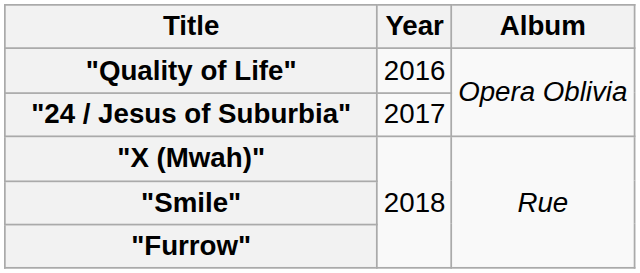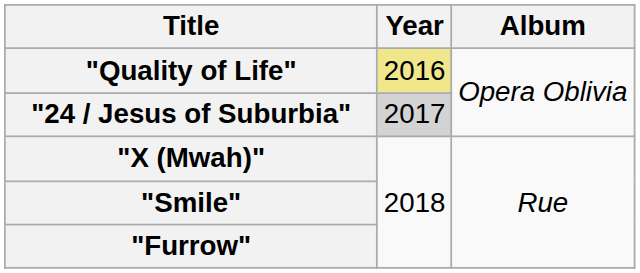 <table class="wikitable plainrowheaders" style="text-align:center;" border="1">
 <tr>
 <th scope="col"style="width:13em;">Title</th>
 <th scope="col"style="width:1em;">Year</th>
 <th scope="col">Album</th>
 </tr>
 <tr>
 <th scope="row">"Quality of Life"</th>
-<td>2016</td>
+<td style="background: khaki;">2016</td>
 <td rowspan="2"><em>Opera Oblivia</em></td>
 </tr>
 <tr>
 <th scope="row">"24 / Jesus of Suburbia"</th>
-<td>2017</td>
+<td style="background: lightgrey;">2017</td>
 </tr>
 <tr>
 <th scope="row">"X (Mwah)"</th>
 <td rowspan="3">2018</td>
 <td rowspan="3"><em>Rue</em></td>
 </tr>
 <tr>
 <th scope="row">"Smile"</th>
 </tr>
 <tr>
 <th scope="row">"Furrow"</th>
 </tr>
 </table>
